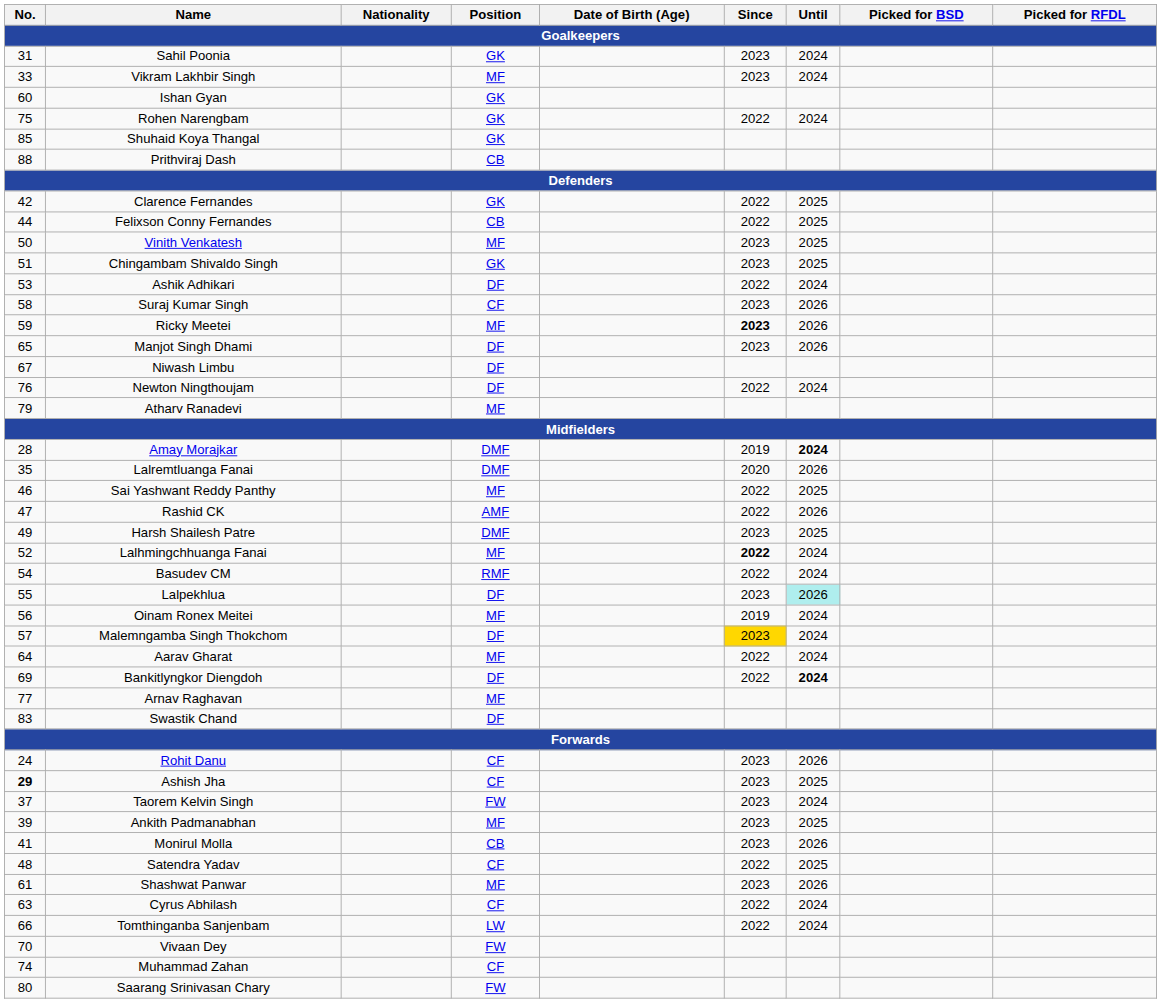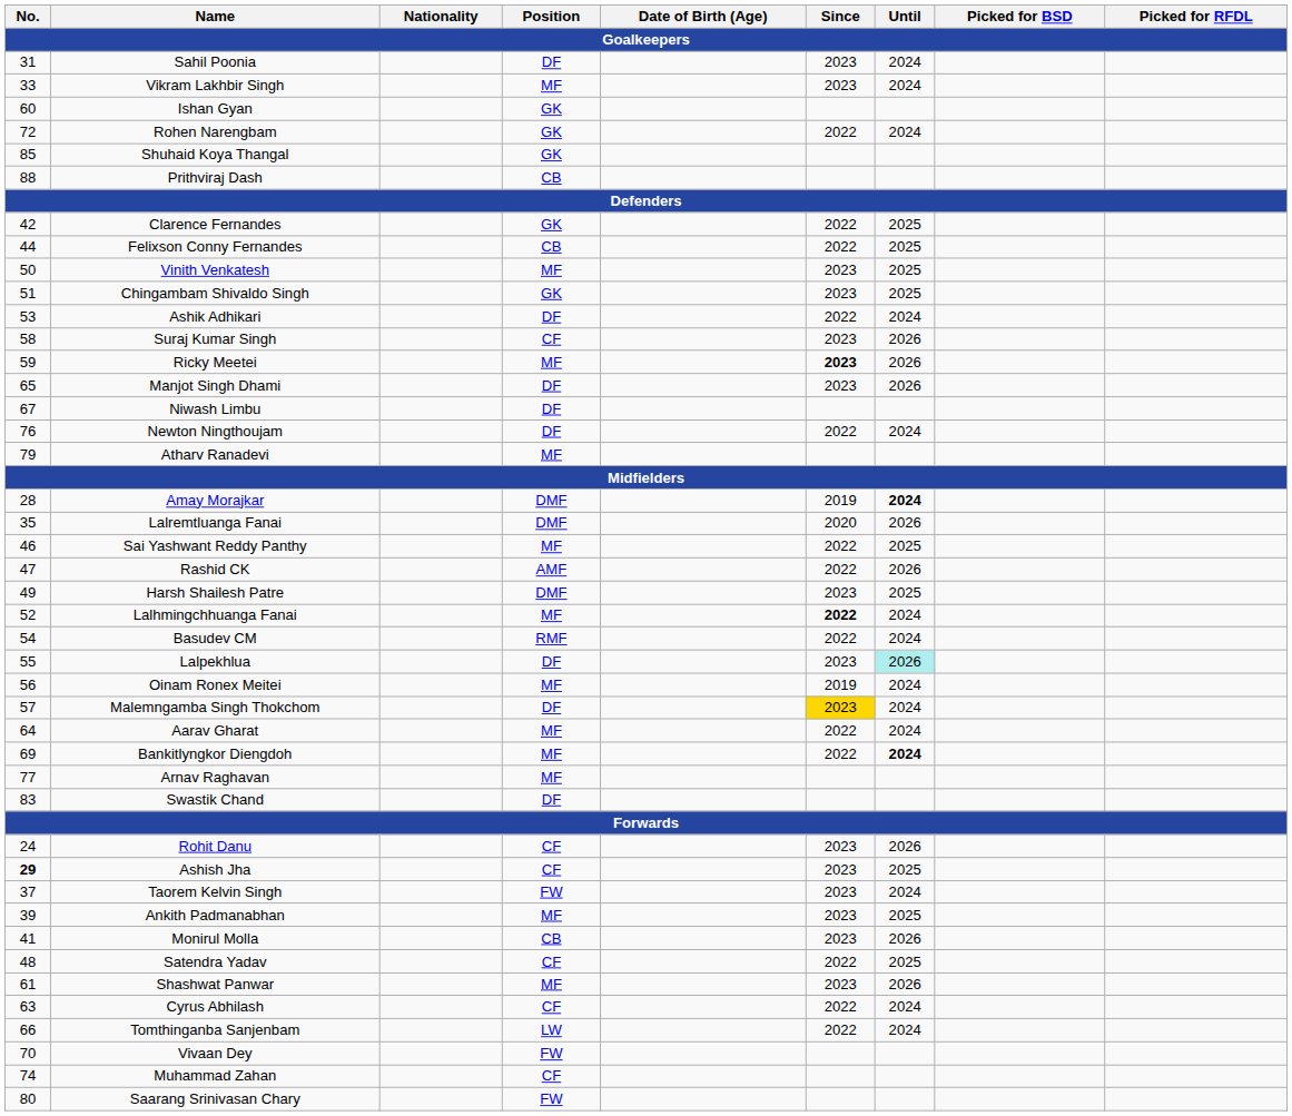 <table class="wikitable sortable" style="text-align:center; font-size:90%; width:80%;">
 <tr>
 <th style="text-align:center;">No.</th>
 <th style="text-align:center;">Name</th>
 <th style="text-align:center;">Nationality</th>
 <th style="text-align:center;">Position</th>
 <th style="text-align:center;">Date of Birth (Age)</th>
 <th style="text-align:center;">Since</th>
 <th style="text-align:center;">Until</th>
 <th style="text-align:center;">Picked for <a href='#'>BSD</a></th>
 <th style="text-align:center;">Picked for <a href='#'>RFDL</a></th>
 </tr>
 <tr>
 <th colspan="10" style="background:#2545A0; color:#FFFFFF; ">Goalkeepers</th>
 </tr>
 <tr>
 <td>31</td>
 <td>Sahil Poonia</td>
 <td></td>
-<td><a href='#'>GK</a></td>
+<td><a href='#'>DF</a></td>
 <td></td>
 <td>2023</td>
 <td>2024</td>
 <td></td>
 <td></td>
 </tr>
 <tr>
 <td>33</td>
 <td>Vikram Lakhbir Singh</td>
 <td></td>
 <td><a href='#'>MF</a></td>
 <td></td>
 <td>2023</td>
 <td>2024</td>
 <td></td>
 <td></td>
 </tr>
 <tr>
 <td>60</td>
 <td>Ishan Gyan</td>
 <td></td>
 <td><a href='#'>GK</a></td>
 <td></td>
 <td></td>
 <td></td>
 <td></td>
 <td></td>
 </tr>
 <tr>
-<td>75</td>
+<td>72</td>
 <td>Rohen Narengbam</td>
 <td></td>
 <td><a href='#'>GK</a></td>
 <td></td>
 <td>2022</td>
 <td>2024</td>
 <td></td>
 <td></td>
 </tr>
 <tr>
 <td>85</td>
 <td>Shuhaid Koya Thangal</td>
 <td></td>
 <td><a href='#'>GK</a></td>
 <td></td>
 <td></td>
 <td></td>
 <td></td>
 <td></td>
 </tr>
 <tr>
 <td>88</td>
 <td>Prithviraj Dash</td>
 <td></td>
 <td><a href='#'>CB</a></td>
 <td></td>
 <td></td>
 <td></td>
 <td></td>
 <td></td>
 </tr>
 <tr>
 <th colspan="10" style="background:#2545A0; color:#FFFFFF; ">Defenders</th>
 </tr>
 <tr>
 <td>42</td>
 <td>Clarence Fernandes</td>
 <td></td>
 <td><a href='#'>GK</a></td>
 <td></td>
 <td>2022</td>
 <td>2025</td>
 <td></td>
 <td></td>
 </tr>
 <tr>
 <td>44</td>
 <td>Felixson Conny Fernandes</td>
 <td></td>
 <td><a href='#'>CB</a></td>
 <td></td>
 <td>2022</td>
 <td>2025</td>
 <td></td>
 <td></td>
 </tr>
 <tr>
 <td>50</td>
 <td><a href='#'>Vinith Venkatesh</a></td>
 <td></td>
 <td><a href='#'>MF</a></td>
 <td></td>
 <td>2023</td>
 <td>2025</td>
 <td></td>
 <td></td>
 </tr>
 <tr>
 <td>51</td>
 <td>Chingambam Shivaldo Singh</td>
 <td></td>
 <td><a href='#'>GK</a></td>
 <td></td>
 <td>2023</td>
 <td>2025</td>
 <td></td>
 <td></td>
 </tr>
 <tr>
 <td>53</td>
 <td>Ashik Adhikari</td>
 <td></td>
 <td><a href='#'>DF</a></td>
 <td></td>
 <td>2022</td>
 <td>2024</td>
 <td></td>
 <td></td>
 </tr>
 <tr>
 <td>58</td>
 <td>Suraj Kumar Singh</td>
 <td></td>
 <td><a href='#'>CF</a></td>
 <td></td>
 <td>2023</td>
 <td>2026</td>
 <td></td>
 <td></td>
 </tr>
 <tr>
 <td>59</td>
 <td>Ricky Meetei</td>
 <td></td>
 <td><a href='#'>MF</a></td>
 <td></td>
 <td><strong>2023</strong></td>
 <td>2026</td>
 <td></td>
 <td></td>
 </tr>
 <tr>
 <td>65</td>
 <td>Manjot Singh Dhami</td>
 <td></td>
 <td><a href='#'>DF</a></td>
 <td></td>
 <td>2023</td>
 <td>2026</td>
 <td></td>
 <td></td>
 </tr>
 <tr>
 <td>67</td>
 <td>Niwash Limbu</td>
 <td></td>
 <td><a href='#'>DF</a></td>
 <td></td>
 <td></td>
 <td></td>
 <td></td>
 <td></td>
 </tr>
 <tr>
 <td>76</td>
 <td>Newton Ningthoujam</td>
 <td></td>
 <td><a href='#'>DF</a></td>
 <td></td>
 <td>2022</td>
 <td>2024</td>
 <td></td>
 <td></td>
 </tr>
 <tr>
 <td>79</td>
 <td>Atharv Ranadevi</td>
 <td></td>
 <td><a href='#'>MF</a></td>
 <td></td>
 <td></td>
 <td></td>
 <td></td>
 <td></td>
 </tr>
 <tr>
 <th colspan="10" style="background:#2545A0; color:#FFFFFF; ">Midfielders</th>
 </tr>
 <tr>
 <td>28</td>
 <td><a href='#'>Amay Morajkar</a></td>
 <td></td>
 <td><a href='#'>DMF</a></td>
 <td></td>
 <td>2019</td>
 <td><strong>2024</strong></td>
 <td></td>
 <td></td>
 </tr>
 <tr>
 <td>35</td>
 <td>Lalremtluanga Fanai</td>
 <td></td>
 <td><a href='#'>DMF</a></td>
 <td></td>
 <td>2020</td>
 <td>2026</td>
 <td></td>
 <td></td>
 </tr>
 <tr>
 <td>46</td>
 <td>Sai Yashwant Reddy Panthy</td>
 <td></td>
 <td><a href='#'>MF</a></td>
 <td></td>
 <td>2022</td>
 <td>2025</td>
 <td></td>
 <td></td>
 </tr>
 <tr>
 <td>47</td>
 <td>Rashid CK</td>
 <td></td>
 <td><a href='#'>AMF</a></td>
 <td></td>
 <td>2022</td>
 <td>2026</td>
 <td></td>
 <td></td>
 </tr>
 <tr>
 <td>49</td>
 <td>Harsh Shailesh Patre</td>
 <td></td>
 <td><a href='#'>DMF</a></td>
 <td></td>
 <td>2023</td>
 <td>2025</td>
 <td></td>
 <td></td>
 </tr>
 <tr>
 <td>52</td>
 <td>Lalhmingchhuanga Fanai</td>
 <td></td>
 <td><a href='#'>MF</a></td>
 <td></td>
 <td><strong>2022</strong></td>
 <td>2024</td>
 <td></td>
 <td></td>
 </tr>
 <tr>
 <td>54</td>
 <td>Basudev CM</td>
 <td></td>
 <td><a href='#'>RMF</a></td>
 <td></td>
 <td>2022</td>
 <td>2024</td>
 <td></td>
 <td></td>
 </tr>
 <tr>
 <td>55</td>
 <td>Lalpekhlua</td>
 <td></td>
 <td><a href='#'>DF</a></td>
 <td></td>
 <td>2023</td>
 <td style="background: paleturquoise;">2026</td>
 <td></td>
 <td></td>
 </tr>
 <tr>
 <td>56</td>
 <td>Oinam Ronex Meitei</td>
 <td></td>
 <td><a href='#'>MF</a></td>
 <td></td>
 <td>2019</td>
 <td>2024</td>
 <td></td>
 <td></td>
 </tr>
 <tr>
 <td>57</td>
 <td>Malemngamba Singh Thokchom</td>
 <td></td>
 <td><a href='#'>DF</a></td>
 <td></td>
 <td style="background: gold;">2023</td>
 <td>2024</td>
 <td></td>
 <td></td>
 </tr>
 <tr>
 <td>64</td>
 <td>Aarav Gharat</td>
 <td></td>
 <td><a href='#'>MF</a></td>
 <td></td>
 <td>2022</td>
 <td>2024</td>
 <td></td>
 <td></td>
 </tr>
 <tr>
 <td>69</td>
 <td>Bankitlyngkor Diengdoh</td>
 <td></td>
-<td><a href='#'>DF</a></td>
+<td><a href='#'>MF</a></td>
 <td></td>
 <td>2022</td>
 <td><strong>2024</strong></td>
 <td></td>
 <td></td>
 </tr>
 <tr>
 <td>77</td>
 <td>Arnav Raghavan</td>
 <td></td>
 <td><a href='#'>MF</a></td>
 <td></td>
 <td></td>
 <td></td>
 <td></td>
 <td></td>
 </tr>
 <tr>
 <td>83</td>
 <td>Swastik Chand</td>
 <td></td>
 <td><a href='#'>DF</a></td>
 <td></td>
 <td></td>
 <td></td>
 <td></td>
 <td></td>
 </tr>
 <tr>
 <th colspan="10" style="background:#2545A0; color:#FFFFFF; ">Forwards</th>
 </tr>
 <tr>
 <td>24</td>
 <td><a href='#'>Rohit Danu</a></td>
 <td></td>
 <td><a href='#'>CF</a></td>
 <td></td>
 <td>2023</td>
 <td>2026</td>
 <td></td>
 <td></td>
 </tr>
 <tr>
 <td><strong>29</strong></td>
 <td>Ashish Jha</td>
 <td></td>
 <td><a href='#'>CF</a></td>
 <td></td>
 <td>2023</td>
 <td>2025</td>
 <td></td>
 <td></td>
 </tr>
 <tr>
 <td>37</td>
 <td>Taorem Kelvin Singh</td>
 <td></td>
 <td><a href='#'>FW</a></td>
 <td></td>
 <td>2023</td>
 <td>2024</td>
 <td></td>
 <td></td>
 </tr>
 <tr>
 <td>39</td>
 <td>Ankith Padmanabhan</td>
 <td></td>
 <td><a href='#'>MF</a></td>
 <td></td>
 <td>2023</td>
 <td>2025</td>
 <td></td>
 <td></td>
 </tr>
 <tr>
 <td>41</td>
 <td>Monirul Molla</td>
 <td></td>
 <td><a href='#'>CB</a></td>
 <td></td>
 <td>2023</td>
 <td>2026</td>
 <td></td>
 <td></td>
 </tr>
 <tr>
 <td>48</td>
 <td>Satendra Yadav</td>
 <td></td>
 <td><a href='#'>CF</a></td>
 <td></td>
 <td>2022</td>
 <td>2025</td>
 <td></td>
 <td></td>
 </tr>
 <tr>
 <td>61</td>
 <td>Shashwat Panwar</td>
 <td></td>
 <td><a href='#'>MF</a></td>
 <td></td>
 <td>2023</td>
 <td>2026</td>
 <td></td>
 <td></td>
 </tr>
 <tr>
 <td>63</td>
 <td>Cyrus Abhilash</td>
 <td></td>
 <td><a href='#'>CF</a></td>
 <td></td>
 <td>2022</td>
 <td>2024</td>
 <td></td>
 <td></td>
 </tr>
 <tr>
 <td>66</td>
 <td>Tomthinganba Sanjenbam</td>
 <td></td>
 <td><a href='#'>LW</a></td>
 <td></td>
 <td>2022</td>
 <td>2024</td>
 <td></td>
 <td></td>
 </tr>
 <tr>
 <td>70</td>
 <td>Vivaan Dey</td>
 <td></td>
 <td><a href='#'>FW</a></td>
 <td></td>
 <td></td>
 <td></td>
 <td></td>
 <td></td>
 </tr>
 <tr>
 <td>74</td>
 <td>Muhammad Zahan</td>
 <td></td>
 <td><a href='#'>CF</a></td>
 <td></td>
 <td></td>
 <td></td>
 <td></td>
 <td></td>
 </tr>
 <tr>
 <td>80</td>
 <td>Saarang Srinivasan Chary</td>
 <td></td>
 <td><a href='#'>FW</a></td>
 <td></td>
 <td></td>
 <td></td>
 <td></td>
 <td></td>
 </tr>
 </table>
